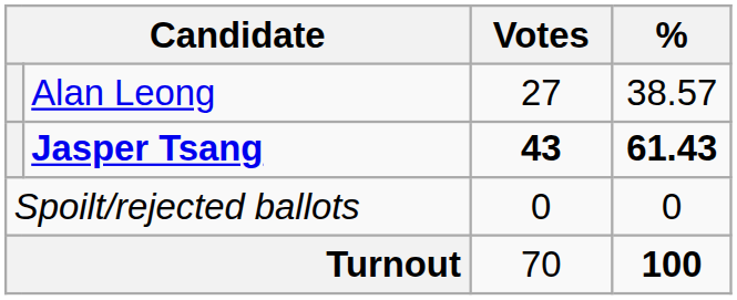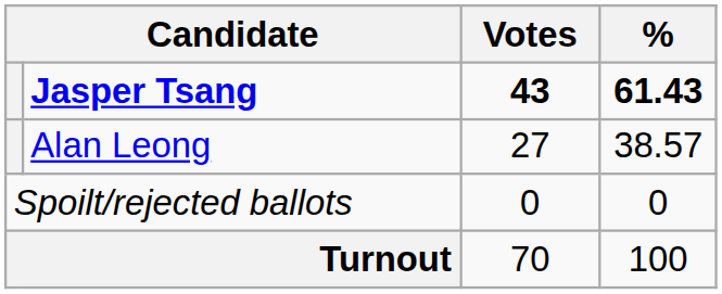 <table class=wikitable style="font-size: 90%;">
 <tr>
 <th colspan="2">Candidate</th>
 <th style="width: 50px">Votes</th>
 <th style="width: 40px">%</th>
 </tr>
 <tr>
 <th style="background-color: "></th>
+<td style="width: 170px"><strong><a href='#'>Jasper Tsang</a></strong> </td>
+<td align="center"><strong>43</strong></td>
+<td align="center"><strong>61.43</strong></td>
+</tr>
+<tr>
+<th style="background-color: "></th>
 <td style="width: 170px"><a href='#'>Alan Leong</a></td>
 <td align="center">27</td>
 <td align="center">38.57</td>
-</tr>
-<tr>
-<th style="background-color: "></th>
-<td style="width: 170px"><strong><a href='#'>Jasper Tsang</a></strong> </td>
-<td align="center"><strong>43</strong></td>
-<td align="center"><strong>61.43</strong></td>
 </tr>
 <tr>
 <td colspan="2"><em>Spoilt/rejected ballots</em></td>
 <td align="center">0</td>
 <td align="center">0</td>
 </tr>
 <tr>
 <th colspan="2" style="text-align:right">Turnout</th>
 <td align="center">70</td>
-<td align="center"><strong>100</strong></td>
+<td align="center">100</td>
 </tr>
 </table>
